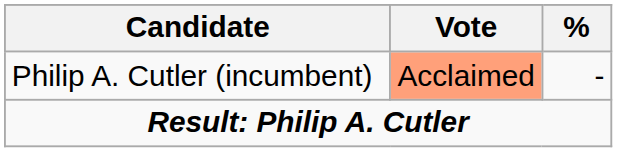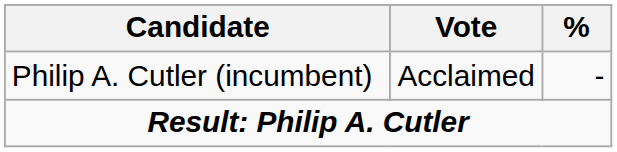 <table class="wikitable">
 <tr>
 <th bgcolor="#DDDDFF" width="200px">Candidate</th>
 <th bgcolor="#DDDDFF" width="50px">Vote</th>
 <th bgcolor="#DDDDFF"  width="30px">%</th>
 </tr>
 <tr>
 <td>Philip A. Cutler (incumbent)</td>
-<td align="right" style="background: lightsalmon;">Acclaimed</td>
+<td align="right">Acclaimed</td>
 <td align="right">-</td>
 </tr>
 <tr>
 <td colspan=5 align="center"><strong><em>Result: Philip A. Cutler</em></strong></td>
 </tr>
 </table>
